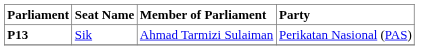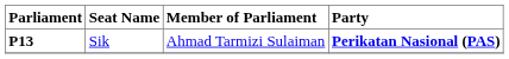 <table class="toccolours sortable" cellpadding="3" border="1" style="border-collapse:collapse; text-align: left;">
 <tr>
 <th align="center">Parliament</th>
 <th>Seat Name</th>
 <th>Member of Parliament</th>
 <th>Party</th>
 </tr>
 <tr>
 <th align="left">P13</th>
 <td><a href='#'>Sik</a></td>
 <td><a href='#'>Ahmad Tarmizi Sulaiman</a></td>
-<td><a href='#'>Perikatan Nasional</a> (<a href='#'>PAS</a>)</td>
+<td><strong><a href='#'>Perikatan Nasional</a> (<a href='#'>PAS</a>)</strong></td>
 </tr>
 <tr>
 </tr>
 </table>
